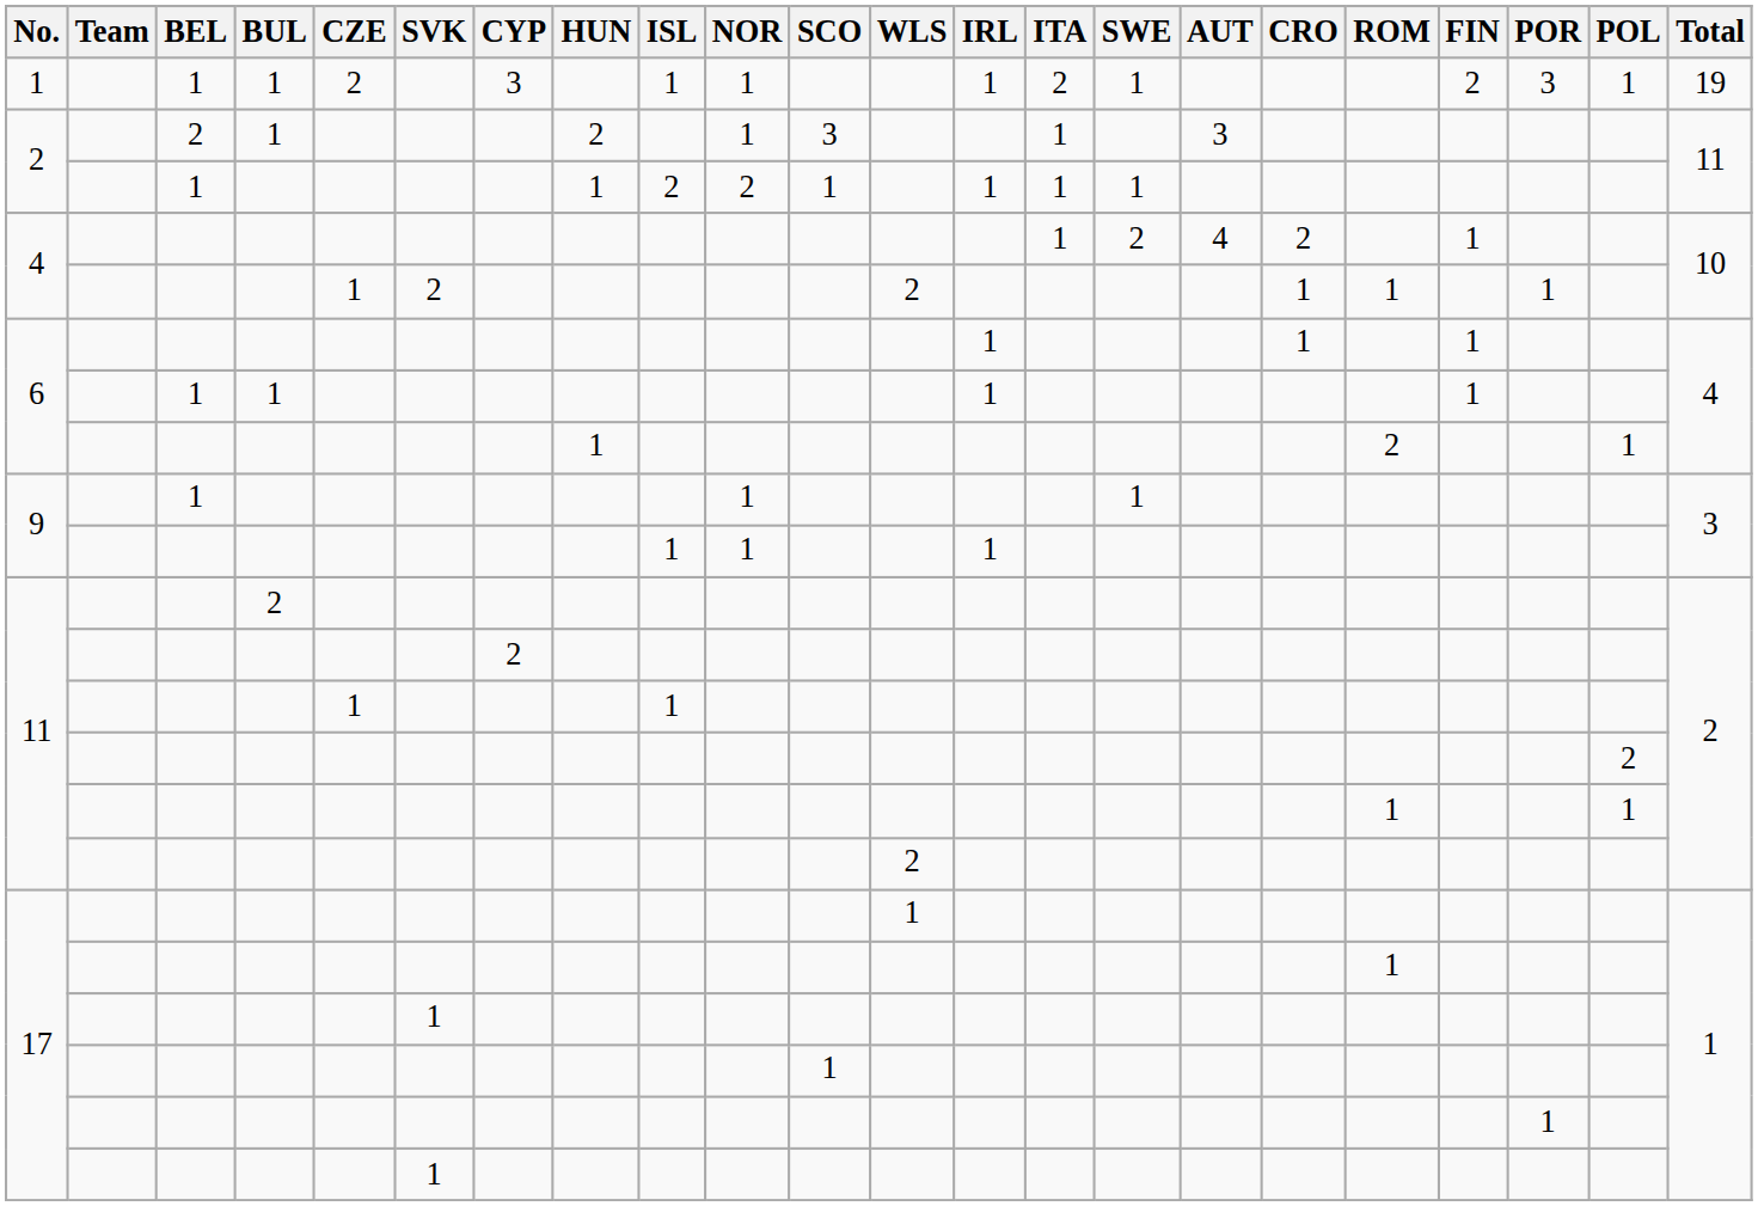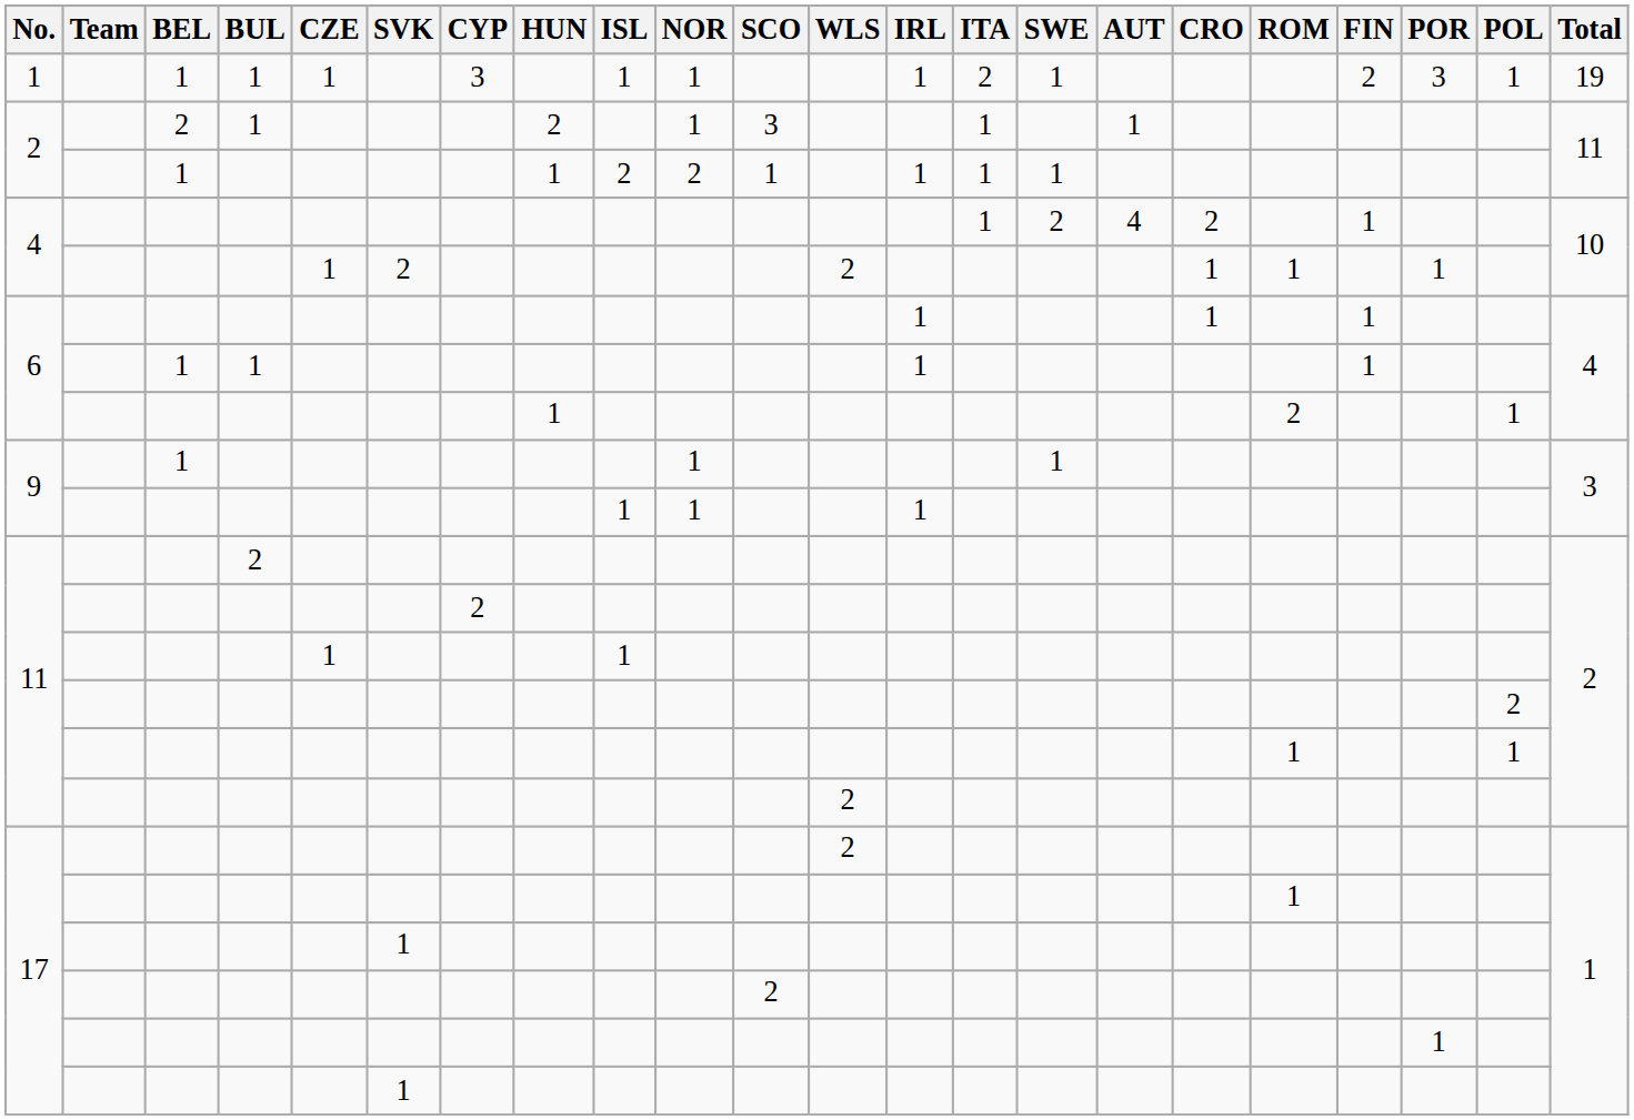 <table class=wikitable style="font-size:80%; text-align:center">
 <tr>
 <th>No.</th>
 <th>Team</th>
 <th>BEL</th>
 <th>BUL</th>
 <th>CZE</th>
 <th>SVK</th>
 <th>CYP</th>
 <th>HUN</th>
 <th>ISL</th>
 <th>NOR</th>
 <th>SCO</th>
 <th>WLS</th>
 <th>IRL</th>
 <th>ITA</th>
 <th>SWE</th>
 <th>AUT</th>
 <th>CRO</th>
 <th>ROM</th>
 <th>FIN</th>
 <th>POR</th>
 <th>POL</th>
 <th>Total</th>
 </tr>
 <tr>
 <td>1</td>
 <td align=left></td>
 <td>1</td>
 <td>1</td>
-<td>2</td>
+<td>1</td>
 <td></td>
 <td>3</td>
 <td></td>
 <td>1</td>
 <td>1</td>
 <td></td>
 <td></td>
 <td>1</td>
 <td>2</td>
 <td>1</td>
 <td></td>
 <td></td>
 <td></td>
 <td>2</td>
 <td>3</td>
 <td>1</td>
 <td>19</td>
 </tr>
 <tr>
 <td rowspan=2>2</td>
 <td align=left></td>
 <td>2</td>
 <td>1</td>
 <td></td>
 <td></td>
 <td></td>
 <td>2</td>
 <td></td>
 <td>1</td>
 <td>3</td>
 <td></td>
 <td></td>
 <td>1</td>
 <td></td>
-<td>3</td>
+<td>1</td>
 <td></td>
 <td></td>
 <td></td>
 <td></td>
 <td></td>
 <td rowspan=2>11</td>
 </tr>
 <tr>
 <td align=left></td>
 <td>1</td>
 <td></td>
 <td></td>
 <td></td>
 <td></td>
 <td>1</td>
 <td>2</td>
 <td>2</td>
 <td>1</td>
 <td></td>
 <td>1</td>
 <td>1</td>
 <td>1</td>
 <td></td>
 <td></td>
 <td></td>
 <td></td>
 <td></td>
 <td></td>
 </tr>
 <tr>
 <td rowspan=2>4</td>
 <td align=left></td>
 <td></td>
 <td></td>
 <td></td>
 <td></td>
 <td></td>
 <td></td>
 <td></td>
 <td></td>
 <td></td>
 <td></td>
 <td></td>
 <td>1</td>
 <td>2</td>
 <td>4</td>
 <td>2</td>
 <td></td>
 <td>1</td>
 <td></td>
 <td></td>
 <td rowspan=2>10</td>
 </tr>
 <tr>
 <td align=left></td>
 <td></td>
 <td></td>
 <td>1</td>
 <td>2</td>
 <td></td>
 <td></td>
 <td></td>
 <td></td>
 <td></td>
 <td>2</td>
 <td></td>
 <td></td>
 <td></td>
 <td></td>
 <td>1</td>
 <td>1</td>
 <td></td>
 <td>1</td>
 <td></td>
 </tr>
 <tr>
 <td rowspan=3>6</td>
 <td align=left></td>
 <td></td>
 <td></td>
 <td></td>
 <td></td>
 <td></td>
 <td></td>
 <td></td>
 <td></td>
 <td></td>
 <td></td>
 <td>1</td>
 <td></td>
 <td></td>
 <td></td>
 <td>1</td>
 <td></td>
 <td>1</td>
 <td></td>
 <td></td>
 <td rowspan=3>4</td>
 </tr>
 <tr>
 <td align=left></td>
 <td>1</td>
 <td>1</td>
 <td></td>
 <td></td>
 <td></td>
 <td></td>
 <td></td>
 <td></td>
 <td></td>
 <td></td>
 <td>1</td>
 <td></td>
 <td></td>
 <td></td>
 <td></td>
 <td></td>
 <td>1</td>
 <td></td>
 <td></td>
 </tr>
 <tr>
 <td align=left></td>
 <td></td>
 <td></td>
 <td></td>
 <td></td>
 <td></td>
 <td>1</td>
 <td></td>
 <td></td>
 <td></td>
 <td></td>
 <td></td>
 <td></td>
 <td></td>
 <td></td>
 <td></td>
 <td>2</td>
 <td></td>
 <td></td>
 <td>1</td>
 </tr>
 <tr>
 <td rowspan=2>9</td>
 <td align=left></td>
 <td>1</td>
 <td></td>
 <td></td>
 <td></td>
 <td></td>
 <td></td>
 <td></td>
 <td>1</td>
 <td></td>
 <td></td>
 <td></td>
 <td></td>
 <td>1</td>
 <td></td>
 <td></td>
 <td></td>
 <td></td>
 <td></td>
 <td></td>
 <td rowspan=2>3</td>
 </tr>
 <tr>
 <td align=left></td>
 <td></td>
 <td></td>
 <td></td>
 <td></td>
 <td></td>
 <td></td>
 <td>1</td>
 <td>1</td>
 <td></td>
 <td></td>
 <td>1</td>
 <td></td>
 <td></td>
 <td></td>
 <td></td>
 <td></td>
 <td></td>
 <td></td>
 <td></td>
 </tr>
 <tr>
 <td rowspan=6>11</td>
 <td align=left></td>
 <td></td>
 <td>2</td>
 <td></td>
 <td></td>
 <td></td>
 <td></td>
 <td></td>
 <td></td>
 <td></td>
 <td></td>
 <td></td>
 <td></td>
 <td></td>
 <td></td>
 <td></td>
 <td></td>
 <td></td>
 <td></td>
 <td></td>
 <td rowspan=6>2</td>
 </tr>
 <tr>
 <td align=left></td>
 <td></td>
 <td></td>
 <td></td>
 <td></td>
 <td>2</td>
 <td></td>
 <td></td>
 <td></td>
 <td></td>
 <td></td>
 <td></td>
 <td></td>
 <td></td>
 <td></td>
 <td></td>
 <td></td>
 <td></td>
 <td></td>
 <td></td>
 </tr>
 <tr>
 <td align=left></td>
 <td></td>
 <td></td>
 <td>1</td>
 <td></td>
 <td></td>
 <td></td>
 <td>1</td>
 <td></td>
 <td></td>
 <td></td>
 <td></td>
 <td></td>
 <td></td>
 <td></td>
 <td></td>
 <td></td>
 <td></td>
 <td></td>
 <td></td>
 </tr>
 <tr>
 <td align=left></td>
 <td></td>
 <td></td>
 <td></td>
 <td></td>
 <td></td>
 <td></td>
 <td></td>
 <td></td>
 <td></td>
 <td></td>
 <td></td>
 <td></td>
 <td></td>
 <td></td>
 <td></td>
 <td></td>
 <td></td>
 <td></td>
 <td>2</td>
 </tr>
 <tr>
 <td align=left></td>
 <td></td>
 <td></td>
 <td></td>
 <td></td>
 <td></td>
 <td></td>
 <td></td>
 <td></td>
 <td></td>
 <td></td>
 <td></td>
 <td></td>
 <td></td>
 <td></td>
 <td></td>
 <td>1</td>
 <td></td>
 <td></td>
 <td>1</td>
 </tr>
 <tr>
 <td align=left></td>
 <td></td>
 <td></td>
 <td></td>
 <td></td>
 <td></td>
 <td></td>
 <td></td>
 <td></td>
 <td></td>
 <td>2</td>
 <td></td>
 <td></td>
 <td></td>
 <td></td>
 <td></td>
 <td></td>
 <td></td>
 <td></td>
 <td></td>
 </tr>
 <tr>
 <td rowspan=6>17</td>
 <td align=left></td>
 <td></td>
 <td></td>
 <td></td>
 <td></td>
 <td></td>
 <td></td>
 <td></td>
 <td></td>
 <td></td>
-<td>1</td>
+<td>2</td>
 <td></td>
 <td></td>
 <td></td>
 <td></td>
 <td></td>
 <td></td>
 <td></td>
 <td></td>
 <td></td>
 <td rowspan=6>1</td>
 </tr>
 <tr>
 <td align=left></td>
 <td></td>
 <td></td>
 <td></td>
 <td></td>
 <td></td>
 <td></td>
 <td></td>
 <td></td>
 <td></td>
 <td></td>
 <td></td>
 <td></td>
 <td></td>
 <td></td>
 <td></td>
 <td>1</td>
 <td></td>
 <td></td>
 <td></td>
 </tr>
 <tr>
 <td align=left></td>
 <td></td>
 <td></td>
 <td></td>
 <td>1</td>
 <td></td>
 <td></td>
 <td></td>
 <td></td>
 <td></td>
 <td></td>
 <td></td>
 <td></td>
 <td></td>
 <td></td>
 <td></td>
 <td></td>
 <td></td>
 <td></td>
 <td></td>
 </tr>
 <tr>
 <td align=left></td>
 <td></td>
 <td></td>
 <td></td>
 <td></td>
 <td></td>
 <td></td>
 <td></td>
 <td></td>
-<td>1</td>
+<td>2</td>
 <td></td>
 <td></td>
 <td></td>
 <td></td>
 <td></td>
 <td></td>
 <td></td>
 <td></td>
 <td></td>
 <td></td>
 </tr>
 <tr>
 <td align=left></td>
 <td></td>
 <td></td>
 <td></td>
 <td></td>
 <td></td>
 <td></td>
 <td></td>
 <td></td>
 <td></td>
 <td></td>
 <td></td>
 <td></td>
 <td></td>
 <td></td>
 <td></td>
 <td></td>
 <td></td>
 <td>1</td>
 <td></td>
 </tr>
 <tr>
 <td align=left></td>
 <td></td>
 <td></td>
 <td></td>
 <td>1</td>
 <td></td>
 <td></td>
 <td></td>
 <td></td>
 <td></td>
 <td></td>
 <td></td>
 <td></td>
 <td></td>
 <td></td>
 <td></td>
 <td></td>
 <td></td>
 <td></td>
 <td></td>
 </tr>
 </table>
